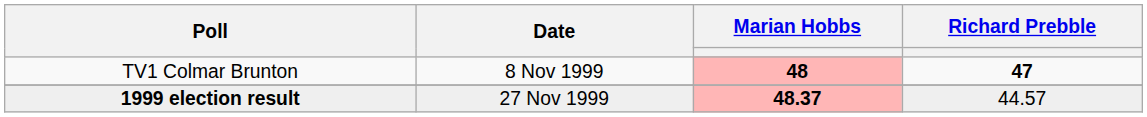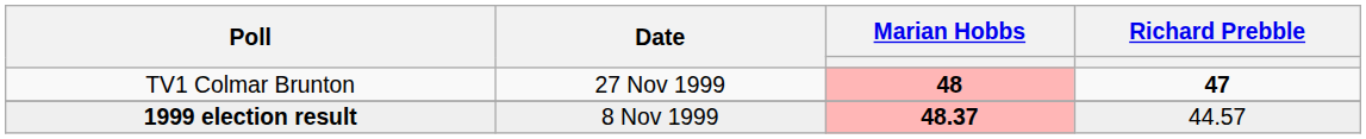 <table class="wikitable" style="width:850px;font-size:90%;line-height:14px;text-align:center;">
 <tr style="height:32px">
 <th style="width:300px;" rowspan="2">Poll</th>
 <th style="width:200px;" rowspan="2">Date</th>
 <th><a href='#'>Marian Hobbs</a></th>
 <th><a href='#'>Richard Prebble</a></th>
 </tr>
 <tr>
 <th class="unsortable" style="color:inherit;background:"></th>
 <th class="unsortable" style="color:inherit;background:"></th>
 </tr>
 <tr>
 <td>TV1 Colmar Brunton</td>
-<td>8 Nov 1999</td>
+<td>27 Nov 1999</td>
 <td style="background-color:#FFB6B6;"><strong>48</strong></td>
 <td><strong>47</strong></td>
 </tr>
 <tr>
 </tr>
 <tr style="background:#EFEFEF; font-weight:italic;">
 <td><strong>1999 election result</strong></td>
-<td>27 Nov 1999</td>
+<td>8 Nov 1999</td>
 <td style="background-color:#FFB6B6;"><strong>48.37</strong></td>
 <td>44.57</td>
 </tr>
 </table>
